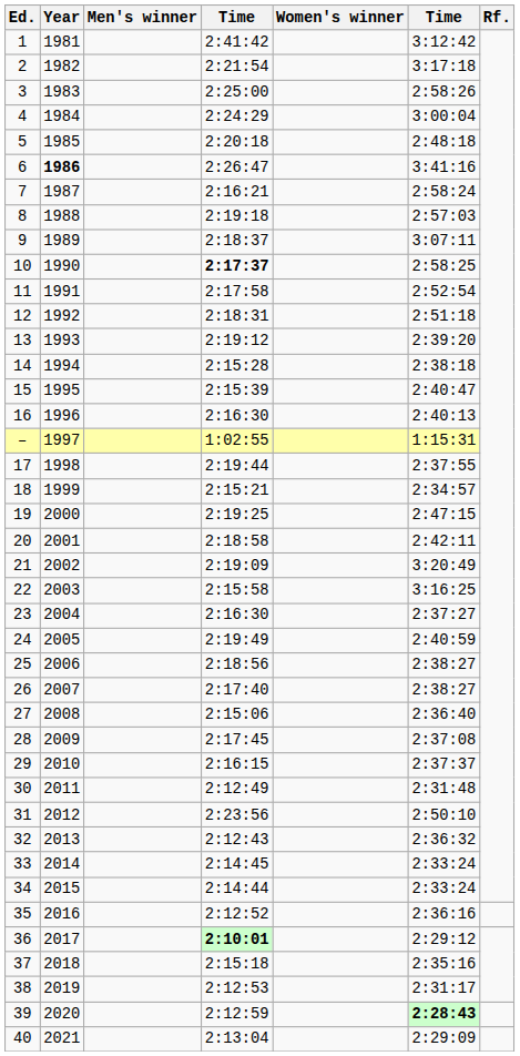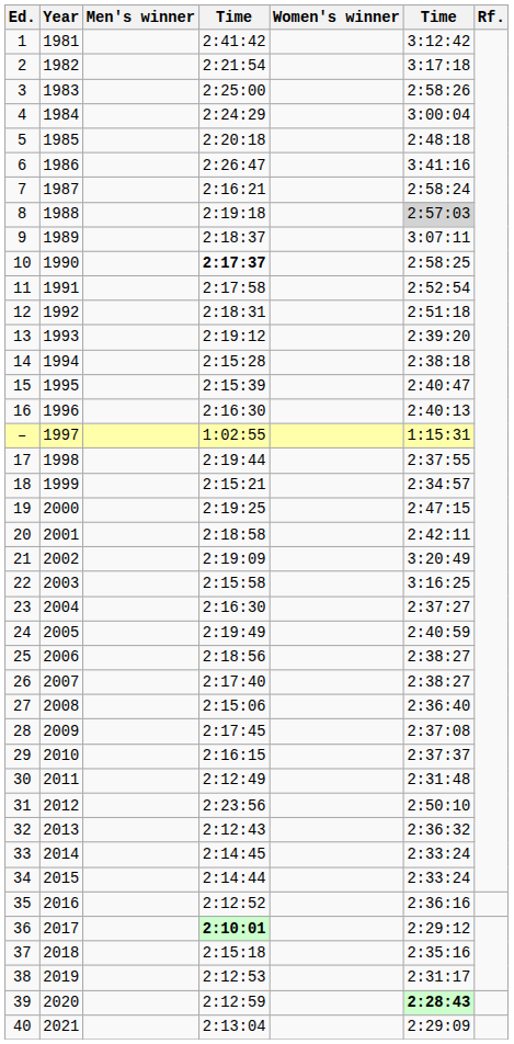 <table class="wikitable sortable" style="text-align:center">
 <tr>
 <th class="unsortable">Ed.</th>
 <th>Year</th>
 <th>Men's winner</th>
 <th>Time</th>
 <th>Women's winner</th>
 <th>Time</th>
 <th class="unsortable">Rf.</th>
 </tr>
 <tr>
 <td>1</td>
 <td>1981</td>
 <td align="left"></td>
 <td>2:41:42</td>
 <td align="left"></td>
 <td>3:12:42</td>
 </tr>
 <tr>
 <td>2</td>
 <td>1982</td>
 <td align="left"></td>
 <td>2:21:54</td>
 <td align="left"></td>
 <td>3:17:18</td>
 </tr>
 <tr>
 <td>3</td>
 <td>1983</td>
 <td align="left"></td>
 <td>2:25:00</td>
 <td align="left"></td>
 <td>2:58:26</td>
 </tr>
 <tr>
 <td>4</td>
 <td>1984</td>
 <td align="left"></td>
 <td>2:24:29</td>
 <td align="left"></td>
 <td>3:00:04</td>
 </tr>
 <tr>
 <td>5</td>
 <td>1985</td>
 <td align="left"></td>
 <td>2:20:18</td>
 <td align="left"></td>
 <td>2:48:18</td>
 </tr>
 <tr>
 <td>6</td>
-<td><strong>1986</strong></td>
+<td>1986</td>
 <td align="left"></td>
 <td>2:26:47</td>
 <td align="left"></td>
 <td>3:41:16</td>
 </tr>
 <tr>
 <td>7</td>
 <td>1987</td>
 <td align="left"></td>
 <td>2:16:21</td>
 <td align="left"></td>
 <td>2:58:24</td>
 </tr>
 <tr>
 <td>8</td>
 <td>1988</td>
 <td align="left"></td>
 <td>2:19:18</td>
 <td align="left"></td>
-<td>2:57:03</td>
+<td style="background: lightgrey;">2:57:03</td>
 </tr>
 <tr>
 <td>9</td>
 <td>1989</td>
 <td align="left"></td>
 <td>2:18:37</td>
 <td align="left"></td>
 <td>3:07:11</td>
 </tr>
 <tr>
 <td>10</td>
 <td>1990</td>
 <td align="left"></td>
 <td><strong>2:17:37</strong></td>
 <td align="left"></td>
 <td>2:58:25</td>
 </tr>
 <tr>
 <td>11</td>
 <td>1991</td>
 <td align="left"></td>
 <td>2:17:58</td>
 <td align="left"></td>
 <td>2:52:54</td>
 </tr>
 <tr>
 <td>12</td>
 <td>1992</td>
 <td align="left"></td>
 <td>2:18:31</td>
 <td align="left"></td>
 <td>2:51:18</td>
 </tr>
 <tr>
 <td>13</td>
 <td>1993</td>
 <td align="left"></td>
 <td>2:19:12</td>
 <td align="left"></td>
 <td>2:39:20</td>
 </tr>
 <tr>
 <td>14</td>
 <td>1994</td>
 <td align="left"></td>
 <td>2:15:28</td>
 <td align="left"></td>
 <td>2:38:18</td>
 </tr>
 <tr>
 <td>15</td>
 <td>1995</td>
 <td align="left"></td>
 <td>2:15:39</td>
 <td align="left"></td>
 <td>2:40:47</td>
 </tr>
 <tr>
 <td>16</td>
 <td>1996</td>
 <td align="left"></td>
 <td>2:16:30</td>
 <td align="left"></td>
 <td>2:40:13</td>
 </tr>
 <tr bgcolor="#FFFFAA">
 <td>–</td>
 <td>1997</td>
 <td align="left"></td>
 <td>1:02:55</td>
 <td align="left"></td>
 <td>1:15:31</td>
 </tr>
 <tr>
 <td>17</td>
 <td>1998</td>
 <td align="left"></td>
 <td>2:19:44</td>
 <td align="left"></td>
 <td>2:37:55</td>
 </tr>
 <tr>
 <td>18</td>
 <td>1999</td>
 <td align="left"></td>
 <td>2:15:21</td>
 <td align="left"></td>
 <td>2:34:57</td>
 </tr>
 <tr>
 <td>19</td>
 <td>2000</td>
 <td align="left"></td>
 <td>2:19:25</td>
 <td align="left"></td>
 <td>2:47:15</td>
 </tr>
 <tr>
 <td>20</td>
 <td>2001</td>
 <td align="left"></td>
 <td>2:18:58</td>
 <td align="left"></td>
 <td>2:42:11</td>
 </tr>
 <tr>
 <td>21</td>
 <td>2002</td>
 <td align="left"></td>
 <td>2:19:09</td>
 <td align="left"></td>
 <td>3:20:49</td>
 </tr>
 <tr>
 <td>22</td>
 <td>2003</td>
 <td align="left"></td>
 <td>2:15:58</td>
 <td align="left"></td>
 <td>3:16:25</td>
 </tr>
 <tr>
 <td>23</td>
 <td>2004</td>
 <td align="left"></td>
 <td>2:16:30</td>
 <td align="left"></td>
 <td>2:37:27</td>
 </tr>
 <tr>
 <td>24</td>
 <td>2005</td>
 <td align="left"></td>
 <td>2:19:49</td>
 <td align="left"></td>
 <td>2:40:59</td>
 </tr>
 <tr>
 <td>25</td>
 <td>2006</td>
 <td align="left"></td>
 <td>2:18:56</td>
 <td align="left"></td>
 <td>2:38:27</td>
 </tr>
 <tr>
 <td>26</td>
 <td>2007</td>
 <td align="left"></td>
 <td>2:17:40</td>
 <td align="left"></td>
 <td>2:38:27</td>
 </tr>
 <tr>
 <td>27</td>
 <td>2008</td>
 <td align="left"></td>
 <td>2:15:06</td>
 <td align="left"></td>
 <td>2:36:40</td>
 </tr>
 <tr>
 <td>28</td>
 <td>2009</td>
 <td align="left"></td>
 <td>2:17:45</td>
 <td align="left"></td>
 <td>2:37:08</td>
 </tr>
 <tr>
 <td>29</td>
 <td>2010</td>
 <td align="left"></td>
 <td>2:16:15</td>
 <td align="left"></td>
 <td>2:37:37</td>
 </tr>
 <tr>
 <td>30</td>
 <td>2011</td>
 <td align="left"></td>
 <td>2:12:49</td>
 <td align="left"></td>
 <td>2:31:48</td>
 </tr>
 <tr>
 <td>31</td>
 <td>2012</td>
 <td align="left"></td>
 <td>2:23:56</td>
 <td align="left"></td>
 <td>2:50:10</td>
 </tr>
 <tr>
 <td>32</td>
 <td>2013</td>
 <td align="left"></td>
 <td>2:12:43</td>
 <td align="left"></td>
 <td>2:36:32</td>
 </tr>
 <tr>
 <td>33</td>
 <td>2014</td>
 <td align="left"></td>
 <td>2:14:45</td>
 <td align="left"></td>
 <td>2:33:24</td>
 </tr>
 <tr>
 <td>34</td>
 <td>2015</td>
 <td align="left"></td>
 <td>2:14:44</td>
 <td align="left"></td>
 <td>2:33:24</td>
 </tr>
 <tr>
 <td>35</td>
 <td>2016</td>
 <td align="left"></td>
 <td>2:12:52</td>
 <td align="left"></td>
 <td>2:36:16</td>
 <td></td>
 </tr>
 <tr>
 <td>36</td>
 <td>2017</td>
 <td align="left"></td>
 <td bgcolor="#CCFFCC"><strong>2:10:01</strong></td>
 <td align="left"></td>
 <td>2:29:12</td>
 </tr>
 <tr>
 <td>37</td>
 <td>2018</td>
 <td align="left"></td>
 <td>2:15:18</td>
 <td align="left"></td>
 <td>2:35:16</td>
 </tr>
 <tr>
 <td>38</td>
 <td>2019</td>
 <td align="left"></td>
 <td>2:12:53</td>
 <td align="left"></td>
 <td>2:31:17</td>
 </tr>
 <tr>
 <td>39</td>
 <td>2020</td>
 <td align="left"></td>
 <td>2:12:59</td>
 <td align="left"></td>
 <td bgcolor="#CCFFCC"><strong>2:28:43</strong></td>
 <td></td>
 </tr>
 <tr>
 <td>40</td>
 <td>2021</td>
 <td align="left"></td>
 <td>2:13:04</td>
 <td align="left"></td>
 <td>2:29:09</td>
 <td></td>
 </tr>
 </table>
